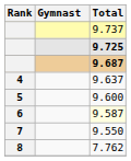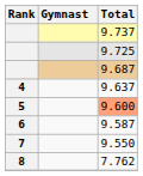 <table class="wikitable sortable" style="text-align:center; font-size:95%">
 <tr>
 <th scope=col>Rank</th>
 <th scope=col>Gymnast </th>
 <th scope=col>Total</th>
 </tr>
 <tr bgcolor=fffcaf>
 <th scope=row style="text-align:center"></th>
 <td align=left> </td>
 <td>9.737</td>
 </tr>
 <tr bgcolor=e5e5e5>
 <th scope=row style="text-align:center"></th>
 <td align=left> </td>
-<td><strong>9.725</strong></td>
+<td>9.725</td>
 </tr>
 <tr bgcolor=eecc99>
 <th scope=row style="text-align:center"></th>
 <td align=left> </td>
-<td><strong>9.687</strong></td>
+<td>9.687</td>
 </tr>
 <tr>
 <th scope=row style="text-align:center">4</th>
 <td align=left> </td>
 <td>9.637</td>
 </tr>
 <tr>
 <th scope=row style="text-align:center">5</th>
 <td align=left> </td>
-<td>9.600</td>
+<td style="background: lightsalmon;">9.600</td>
 </tr>
 <tr>
 <th scope=row style="text-align:center">6</th>
 <td align=left> </td>
-<td style="background: lightyellow;">9.587</td>
+<td>9.587</td>
 </tr>
 <tr>
 <th scope=row style="text-align:center">7</th>
 <td align=left> </td>
 <td>9.550</td>
 </tr>
 <tr>
 <th scope=row style="text-align:center">8</th>
 <td align=left> </td>
 <td>7.762</td>
 </tr>
 <tr>
 </tr>
 </table>
